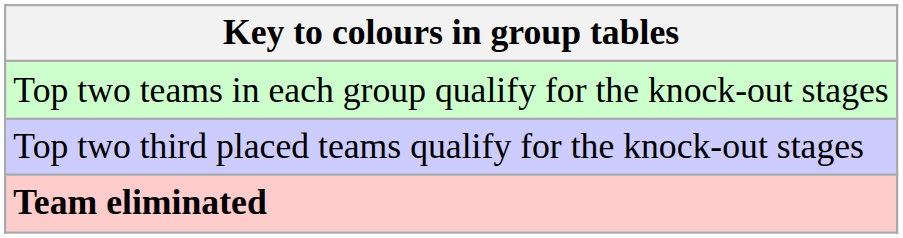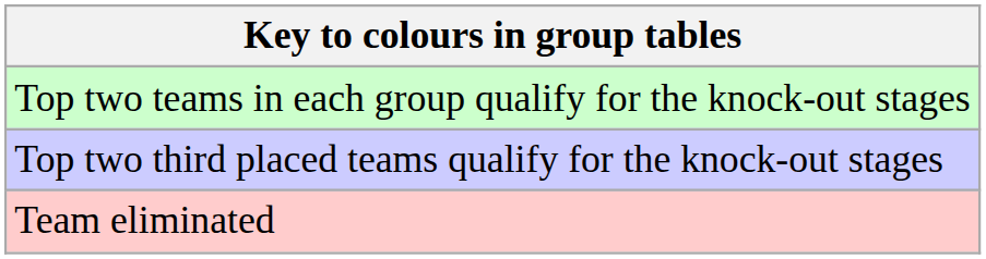 <table class="wikitable">
 <tr>
 <th>Key to colours in group tables</th>
 </tr>
 <tr bgcolor="#ccffcc">
 <td>Top two teams in each group qualify for the knock-out stages</td>
 </tr>
 <tr bgcolor="#ccccff">
 <td>Top two third placed teams qualify for the knock-out stages</td>
 </tr>
 <tr bgcolor="#ffcccc">
-<td><strong>Team eliminated</strong></td>
+<td>Team eliminated</td>
 </tr>
 </table>
